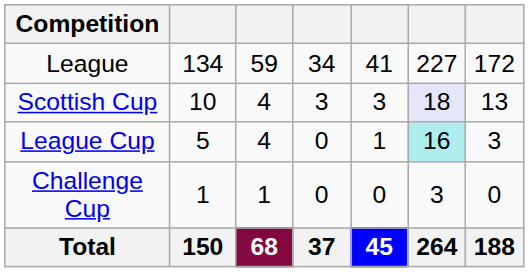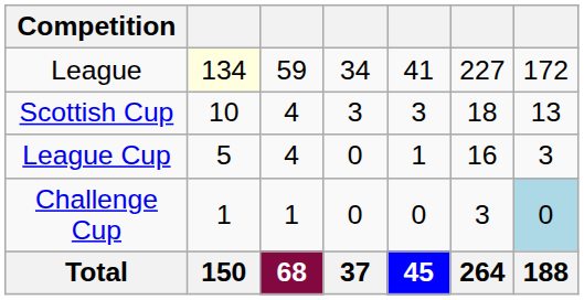 <table class="wikitable" style="text-align:center">
 <tr>
 <th width="100">Competition</th>
 <th width="35"></th>
 <th width="30"></th>
 <th width="30"></th>
 <th width="30"></th>
 <th width="30"></th>
 <th width="30"></th>
 </tr>
 <tr>
 <td>League</td>
-<td>134</td>
+<td style="background: lightyellow;">134</td>
 <td>59</td>
 <td>34</td>
 <td>41</td>
 <td>227</td>
 <td>172</td>
 </tr>
 <tr>
 <td><a href='#'>Scottish Cup</a></td>
 <td>10</td>
 <td>4</td>
 <td>3</td>
 <td>3</td>
-<td style="background: lavender;">18</td>
+<td>18</td>
 <td>13</td>
 </tr>
 <tr>
 <td><a href='#'>League Cup</a></td>
 <td>5</td>
 <td>4</td>
 <td>0</td>
 <td>1</td>
-<td style="background: paleturquoise;">16</td>
+<td>16</td>
 <td>3</td>
 </tr>
 <tr>
 <td><a href='#'>Challenge Cup</a></td>
 <td>1</td>
 <td>1</td>
 <td>0</td>
 <td>0</td>
 <td>3</td>
-<td>0</td>
+<td style="background: lightblue;">0</td>
 </tr>
 <tr>
 <th>Total</th>
 <th>150</th>
 <th style="text-align:center; color:white; background:#830840;">68</th>
 <th>37</th>
 <th style="text-align:center; color:white; background:#0000FF;">45</th>
 <th>264</th>
 <th>188</th>
 </tr>
 </table>
